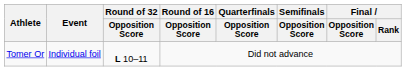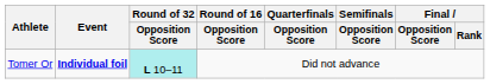 <table class="wikitable" style="font-size:90%;">
 <tr>
 <th rowspan="2">Athlete</th>
 <th rowspan="2">Event</th>
 <th>Round of 32</th>
 <th>Round of 16</th>
 <th>Quarterfinals</th>
 <th>Semifinals</th>
 <th colspan=2>Final / </th>
 </tr>
 <tr style="font-size:95%">
 <th>Opposition<br>Score</th>
 <th>Opposition<br>Score</th>
 <th>Opposition<br>Score</th>
 <th>Opposition<br>Score</th>
 <th>Opposition<br>Score</th>
 <th>Rank</th>
 </tr>
 <tr align=center>
 <td align=left><a href='#'>Tomer Or</a></td>
-<td align=left><a href='#'>Individual foil</a></td>
-<td><br><strong>L</strong> 10–11</td>
+<td align=left><strong><a href='#'>Individual foil</a></strong></td>
+<td style="background: paleturquoise;"><br><strong>L</strong> 10–11</td>
 <td colspan=5>Did not advance</td>
 </tr>
 </table>
